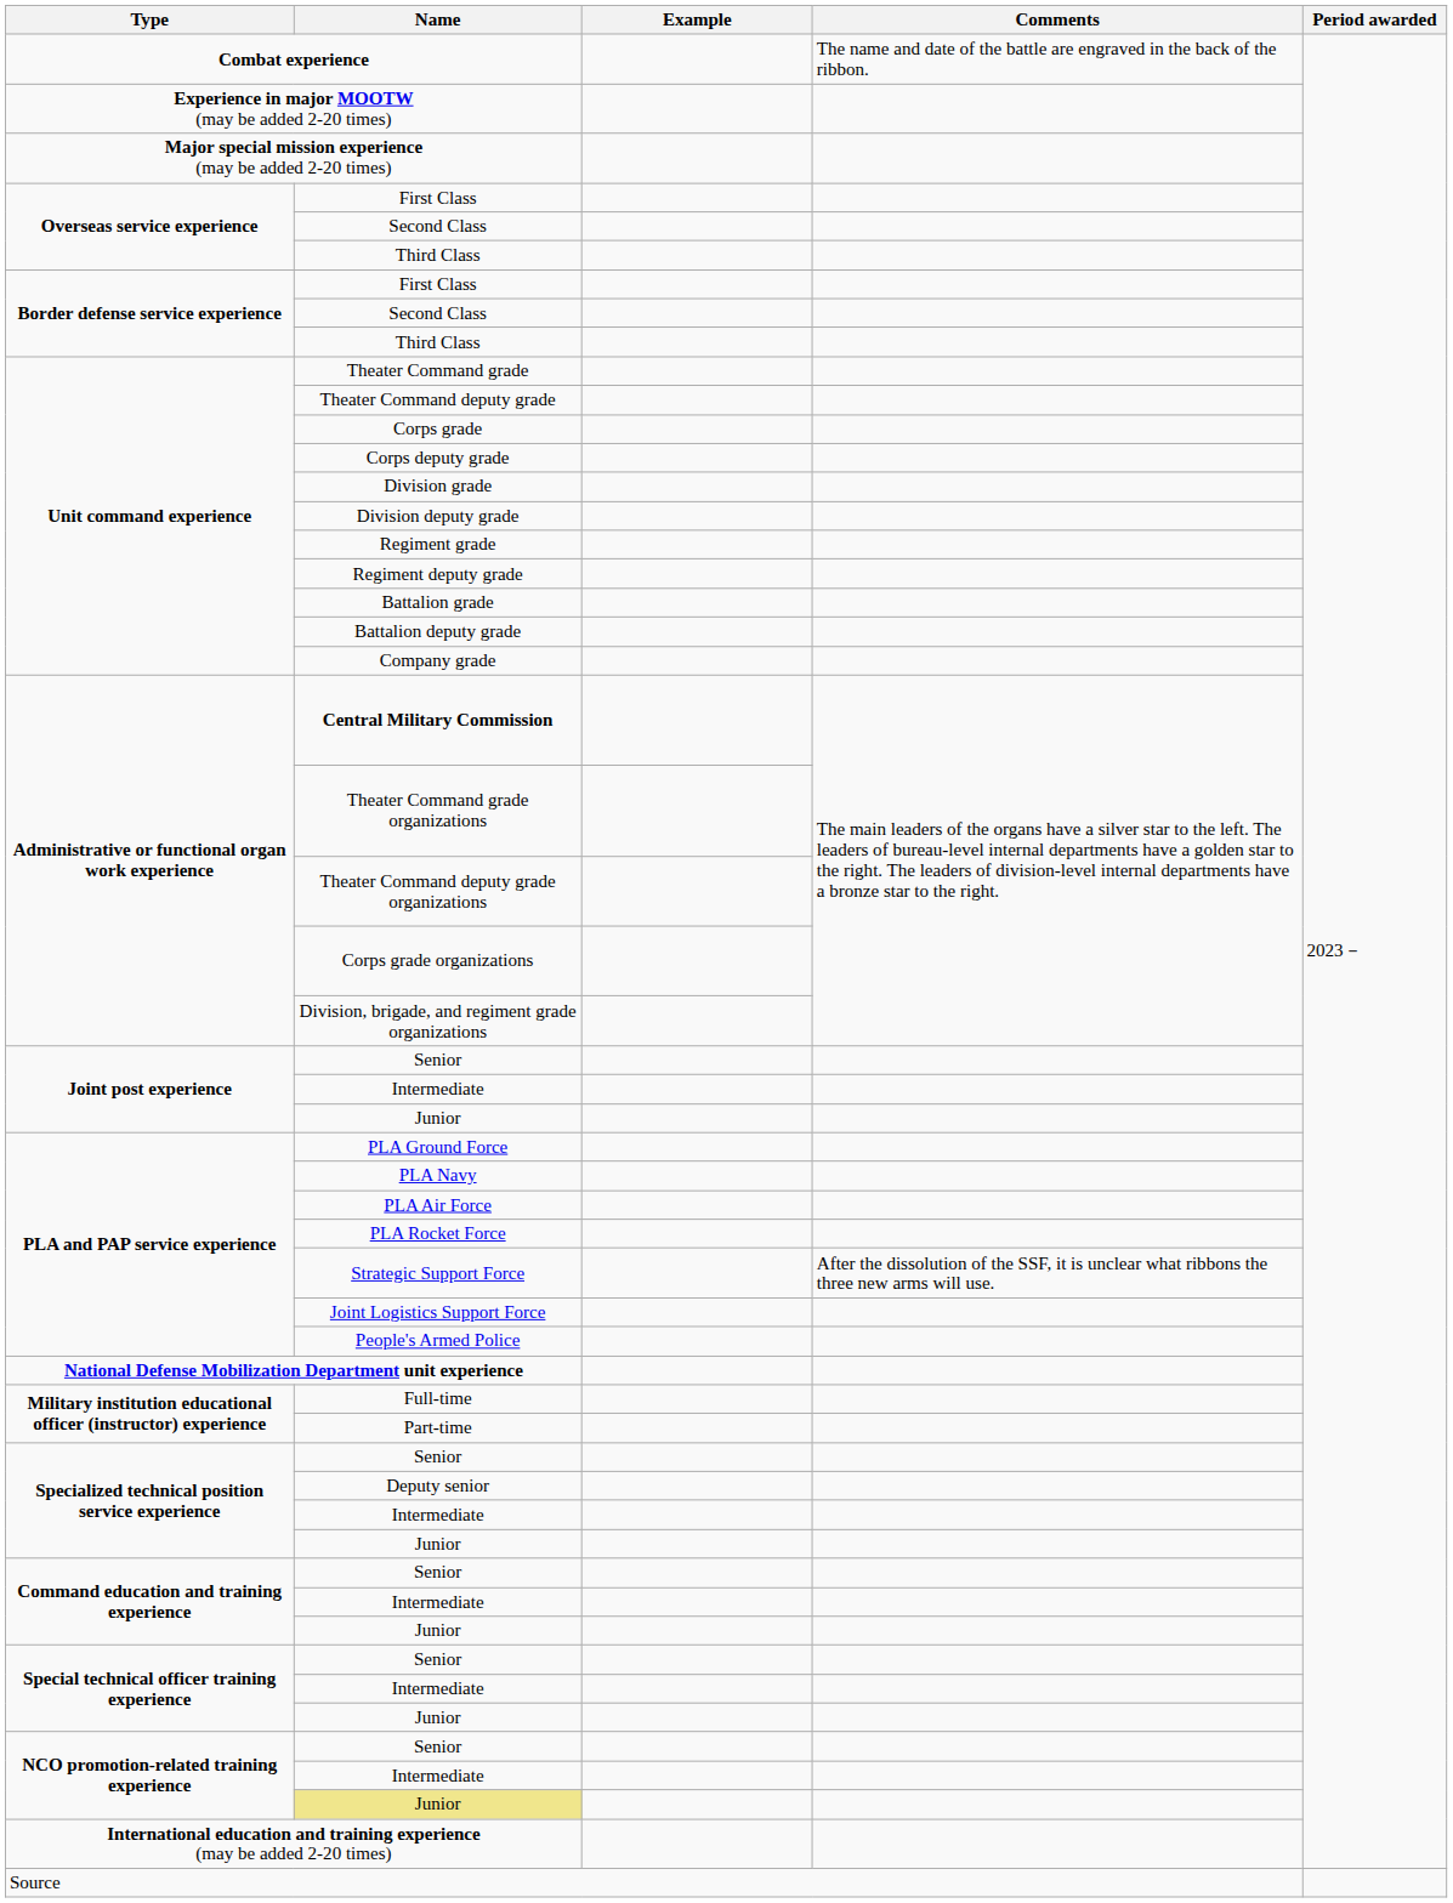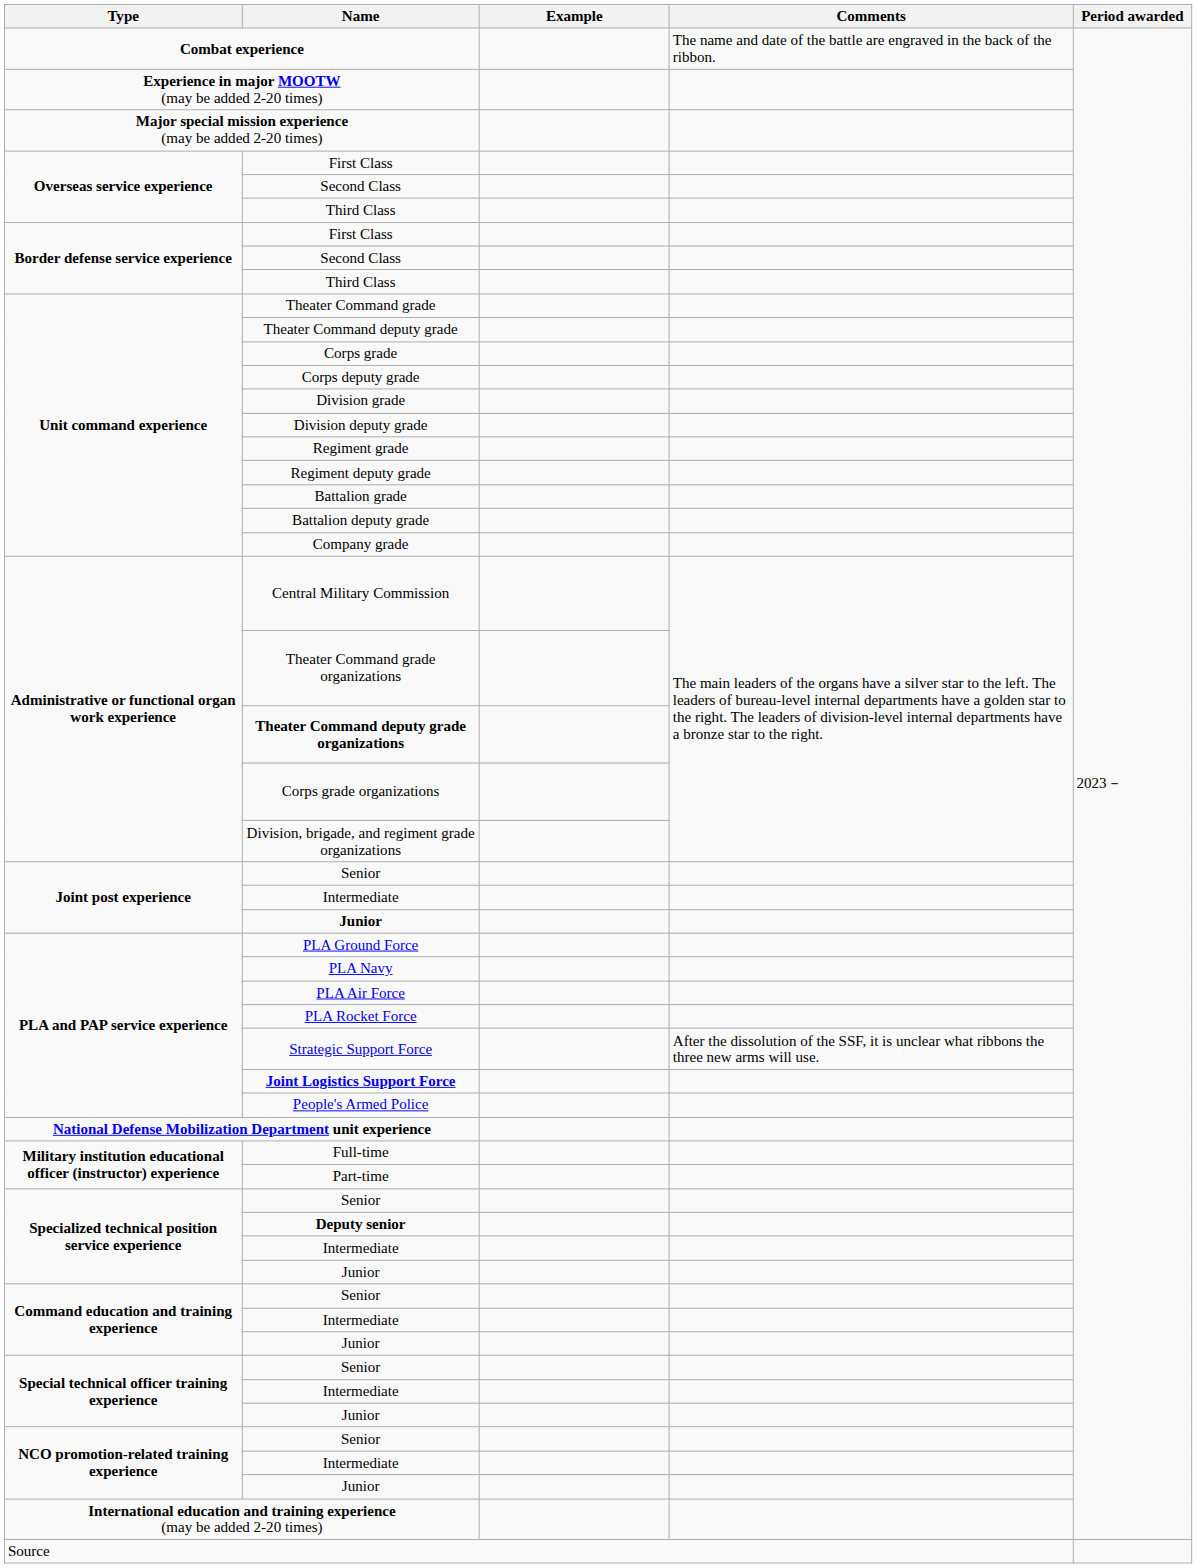 <table class="wikitable" width="100%">
 <tr>
 <th width="20%">Type</th>
 <th width="20%">Name</th>
 <th width="16%">Example</th>
 <th>Comments</th>
 <th width="10%">Period awarded</th>
 </tr>
 <tr>
 <td colspan=2 style="text-align: center;"><strong>Combat experience</strong></td>
 <td><br><br></td>
 <td>The name and date of the battle are engraved in the back of the ribbon.</td>
 <td rowspan=52>2023－</td>
 </tr>
 <tr>
 <td colspan=2 style="text-align: center;"><strong>Experience in major <a href='#'>MOOTW</a></strong><br>(may be added 2-20 times)</td>
 <td></td>
 <td></td>
 </tr>
 <tr>
 <td colspan=2 style="text-align: center;"><strong>Major special mission experience</strong><br>(may be added 2-20 times)</td>
 <td></td>
 <td></td>
 </tr>
 <tr>
 <td rowspan=3 style="text-align: center;"><strong>Overseas service experience</strong></td>
 <td style="text-align: center;">First Class</td>
 <td></td>
 <td></td>
 </tr>
 <tr>
 <td style="text-align: center;">Second Class</td>
 <td></td>
 <td></td>
 </tr>
 <tr>
 <td style="text-align: center;">Third Class</td>
 <td></td>
 <td></td>
 </tr>
 <tr>
 <td rowspan=3 style="text-align: center;"><strong>Border defense service experience</strong></td>
 <td style="text-align: center;">First Class</td>
 <td></td>
 <td></td>
 </tr>
 <tr>
 <td style="text-align: center;">Second Class</td>
 <td></td>
 <td></td>
 </tr>
 <tr>
 <td style="text-align: center;">Third Class</td>
 <td></td>
 <td></td>
 </tr>
 <tr>
 <td rowspan=11 style="text-align: center;"><strong>Unit command experience</strong></td>
 <td style="text-align: center;">Theater Command grade</td>
 <td></td>
 <td></td>
 </tr>
 <tr>
 <td style="text-align: center;">Theater Command deputy grade</td>
 <td></td>
 <td></td>
 </tr>
 <tr>
 <td style="text-align: center;">Corps grade</td>
 <td></td>
 <td></td>
 </tr>
 <tr>
 <td style="text-align: center;">Corps deputy grade</td>
 <td></td>
 <td></td>
 </tr>
 <tr>
 <td style="text-align: center;">Division grade</td>
 <td></td>
 <td></td>
 </tr>
 <tr>
 <td style="text-align: center;">Division deputy grade</td>
 <td></td>
 <td></td>
 </tr>
 <tr>
 <td style="text-align: center;">Regiment grade</td>
 <td></td>
 <td></td>
 </tr>
 <tr>
 <td style="text-align: center;">Regiment deputy grade</td>
 <td></td>
 <td></td>
 </tr>
 <tr>
 <td style="text-align: center;">Battalion grade</td>
 <td></td>
 <td></td>
 </tr>
 <tr>
 <td style="text-align: center;">Battalion deputy grade</td>
 <td></td>
 <td></td>
 </tr>
 <tr>
 <td style="text-align: center;">Company grade</td>
 <td></td>
 <td></td>
 </tr>
 <tr>
 <td rowspan=5 style="text-align: center;"><strong>Administrative or functional organ work experience</strong></td>
-<td style="text-align: center;"><strong>Central Military Commission</strong></td>
+<td style="text-align: center;">Central Military Commission</td>
 <td><br><br><br><br></td>
 <td rowspan=5>The main leaders of the organs have a silver star to the left. The leaders of bureau-level internal departments have a golden star to the right. The leaders of division-level internal departments have a bronze star to the right.</td>
 </tr>
 <tr>
 <td style="text-align: center;">Theater Command grade organizations</td>
 <td><br><br><br><br></td>
 </tr>
 <tr>
-<td style="text-align: center;">Theater Command deputy grade organizations</td>
+<td style="text-align: center;"><strong>Theater Command deputy grade organizations</strong></td>
 <td><br><br><br></td>
 </tr>
 <tr>
 <td style="text-align: center;">Corps grade organizations</td>
 <td><br><br><br></td>
 </tr>
 <tr>
 <td style="text-align: center;">Division, brigade, and regiment grade organizations</td>
 <td><br><br></td>
 </tr>
 <tr>
 <td rowspan=3 style="text-align: center;"><strong>Joint post experience</strong></td>
 <td style="text-align: center;">Senior</td>
 <td></td>
 <td></td>
 </tr>
 <tr>
 <td style="text-align: center;">Intermediate</td>
 <td></td>
 <td></td>
 </tr>
 <tr>
-<td style="text-align: center;">Junior</td>
+<td style="text-align: center;"><strong>Junior</strong></td>
 <td></td>
 <td></td>
 </tr>
 <tr>
 <td rowspan=7 style="text-align: center;"><strong>PLA and PAP service experience</strong></td>
 <td style="text-align: center;"><a href='#'>PLA Ground Force</a></td>
 <td></td>
 <td></td>
 </tr>
 <tr>
 <td style="text-align: center;"><a href='#'>PLA Navy</a></td>
 <td></td>
 <td></td>
 </tr>
 <tr>
 <td style="text-align: center;"><a href='#'>PLA Air Force</a></td>
 <td></td>
 <td></td>
 </tr>
 <tr>
 <td style="text-align: center;"><a href='#'>PLA Rocket Force</a></td>
 <td></td>
 <td></td>
 </tr>
 <tr>
 <td style="text-align: center;"><a href='#'>Strategic Support Force</a></td>
 <td></td>
 <td>After the dissolution of the SSF, it is unclear what ribbons the three new arms will use.</td>
 </tr>
 <tr>
-<td style="text-align: center;"><a href='#'>Joint Logistics Support Force</a></td>
+<td style="text-align: center;"><strong><a href='#'>Joint Logistics Support Force</a></strong></td>
 <td></td>
 <td></td>
 </tr>
 <tr>
 <td style="text-align: center;"><a href='#'>People's Armed Police</a></td>
 <td></td>
 <td></td>
 </tr>
 <tr>
 <td colspan=2 style="text-align: center;"><strong><a href='#'>National Defense Mobilization Department</a> unit experience </strong></td>
 <td></td>
 <td></td>
 </tr>
 <tr>
 <td rowspan=2 style="text-align: center;"><strong>Military institution educational officer (instructor) experience</strong></td>
 <td style="text-align: center;">Full-time</td>
 <td></td>
 <td></td>
 </tr>
 <tr>
 <td style="text-align: center;">Part-time</td>
 <td></td>
 <td></td>
 </tr>
 <tr>
 <td rowspan=4 style="text-align: center;"><strong>Specialized technical position service experience</strong></td>
 <td style="text-align: center;">Senior</td>
 <td></td>
 <td></td>
 </tr>
 <tr>
-<td style="text-align: center;">Deputy senior</td>
+<td style="text-align: center;"><strong>Deputy senior</strong></td>
 <td></td>
 <td></td>
 </tr>
 <tr>
 <td style="text-align: center;">Intermediate</td>
 <td></td>
 <td></td>
 </tr>
 <tr>
 <td style="text-align: center;">Junior</td>
 <td></td>
 <td></td>
 </tr>
 <tr>
 <td rowspan="3" style="text-align: center;"><strong>Command education and training experience</strong></td>
 <td style="text-align: center;">Senior</td>
 <td></td>
 <td></td>
 </tr>
 <tr>
 <td style="text-align: center;">Intermediate</td>
 <td></td>
 <td></td>
 </tr>
 <tr>
 <td style="text-align: center;">Junior</td>
 <td></td>
 <td></td>
 </tr>
 <tr>
 <td rowspan="3" style="text-align: center;"><strong>Special technical officer training experience</strong></td>
 <td style="text-align: center;">Senior</td>
 <td></td>
 <td></td>
 </tr>
 <tr>
 <td style="text-align: center;">Intermediate</td>
 <td></td>
 <td></td>
 </tr>
 <tr>
 <td style="text-align: center;">Junior</td>
 <td></td>
 <td></td>
 </tr>
 <tr>
 <td rowspan="3" style="text-align: center;"><strong>NCO promotion-related training experience</strong> </td>
 <td style="text-align: center;">Senior</td>
 <td></td>
 <td></td>
 </tr>
 <tr>
 <td style="text-align: center;">Intermediate</td>
 <td></td>
 <td></td>
 </tr>
 <tr>
-<td style="background: khaki; text-align: center;">Junior</td>
+<td style="text-align: center;">Junior</td>
 <td></td>
 <td></td>
 </tr>
 <tr>
 <td colspan=2 style="text-align: center;"><strong>International education and training experience</strong><br>(may be added 2-20 times)</td>
 <td></td>
 <td></td>
 </tr>
 <tr>
 <td colspan="4">Source</td>
 <td></td>
 </tr>
 </table>
